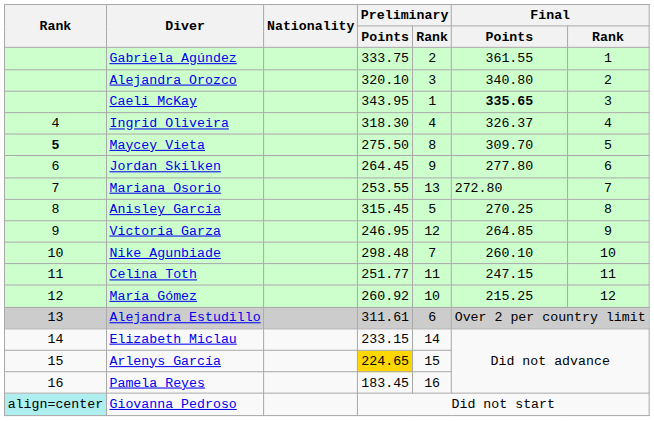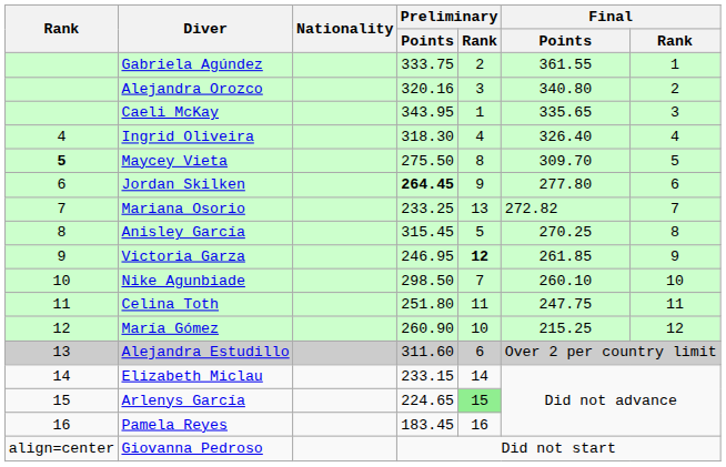 <table class="wikitable sortable" style="font-size:100%">
 <tr>
 <th rowspan="2">Rank</th>
 <th rowspan="2">Diver</th>
 <th rowspan="2">Nationality</th>
 <th colspan="2">Preliminary</th>
 <th colspan="2">Final</th>
 </tr>
 <tr>
 <th>Points</th>
 <th>Rank</th>
 <th>Points</th>
 <th>Rank</th>
 </tr>
 <tr bgcolor=ccffcc>
 <td align=center></td>
 <td><a href='#'>Gabriela Agúndez</a></td>
 <td></td>
 <td align=center>333.75</td>
 <td align=center>2</td>
 <td align=center>361.55</td>
 <td align=center>1</td>
 </tr>
 <tr bgcolor=ccffcc>
 <td align=center></td>
 <td><a href='#'>Alejandra Orozco</a></td>
 <td></td>
-<td align=center>320.10</td>
+<td align=center>320.16</td>
 <td align=center>3</td>
 <td align=center>340.80</td>
 <td align=center>2</td>
 </tr>
 <tr bgcolor=ccffcc>
 <td align=center></td>
 <td><a href='#'>Caeli McKay</a></td>
 <td></td>
 <td align=center>343.95</td>
 <td align=center>1</td>
-<td align=center><strong>335.65</strong></td>
+<td align=center>335.65</td>
 <td align=center>3</td>
 </tr>
 <tr bgcolor=ccffcc>
 <td align=center>4</td>
 <td><a href='#'>Ingrid Oliveira</a></td>
 <td></td>
 <td align=center>318.30</td>
 <td align=center>4</td>
-<td align=center>326.37</td>
+<td align=center>326.40</td>
 <td align=center>4</td>
 </tr>
 <tr bgcolor=ccffcc>
 <td align=center><strong>5</strong></td>
 <td><a href='#'>Maycey Vieta</a></td>
 <td></td>
 <td align=center>275.50</td>
 <td align=center>8</td>
 <td align=center>309.70</td>
 <td align=center>5</td>
 </tr>
 <tr bgcolor=ccffcc>
 <td align=center>6</td>
 <td><a href='#'>Jordan Skilken</a></td>
 <td></td>
-<td align=center>264.45</td>
+<td align=center><strong>264.45</strong></td>
 <td align=center>9</td>
 <td align=center>277.80</td>
 <td align=center>6</td>
 </tr>
 <tr bgcolor=ccffcc>
 <td align=center>7</td>
 <td><a href='#'>Mariana Osorio</a></td>
 <td></td>
-<td align=center>253.55</td>
+<td align=center>233.25</td>
 <td align=center>13</td>
-<td>272.80</td>
+<td>272.82</td>
 <td align="center">7</td>
 </tr>
 <tr bgcolor=ccffcc>
 <td align=center>8</td>
 <td><a href='#'>Anisley García</a></td>
 <td></td>
 <td align=center>315.45</td>
 <td align=center>5</td>
 <td align=center>270.25</td>
 <td align=center>8</td>
 </tr>
 <tr bgcolor=ccffcc>
 <td align=center>9</td>
 <td><a href='#'>Victoria Garza</a></td>
 <td></td>
 <td align=center>246.95</td>
-<td align=center>12</td>
-<td align=center>264.85</td>
+<td align=center><strong>12</strong></td>
+<td align=center>261.85</td>
 <td align=center>9</td>
 </tr>
 <tr bgcolor=ccffcc>
 <td align=center>10</td>
 <td><a href='#'>Nike Agunbiade</a></td>
 <td></td>
-<td align=center>298.48</td>
+<td align=center>298.50</td>
 <td align=center>7</td>
 <td align=center>260.10</td>
 <td align=center>10</td>
 </tr>
 <tr bgcolor=ccffcc>
 <td align=center>11</td>
 <td><a href='#'>Celina Toth</a></td>
 <td></td>
-<td align=center>251.77</td>
+<td align=center>251.80</td>
 <td align=center>11</td>
-<td align=center>247.15</td>
+<td align=center>247.75</td>
 <td align=center>11</td>
 </tr>
 <tr bgcolor=ccffcc>
 <td align=center>12</td>
 <td><a href='#'>María Gómez</a></td>
 <td></td>
-<td align=center>260.92</td>
+<td align=center>260.90</td>
 <td align=center>10</td>
 <td align=center>215.25</td>
 <td align=center>12</td>
 </tr>
 <tr bgcolor=cccccc>
 <td align=center>13</td>
 <td><a href='#'>Alejandra Estudillo</a></td>
 <td></td>
-<td align=center>311.61</td>
+<td align=center>311.60</td>
 <td align=center>6</td>
 <td align=center colspan=2>Over 2 per country limit</td>
 </tr>
 <tr>
 <td align=center>14</td>
 <td><a href='#'>Elizabeth Miclau</a></td>
 <td></td>
 <td align=center>233.15</td>
 <td align=center>14</td>
 <td align=center colspan=2 rowspan=3>Did not advance</td>
 </tr>
 <tr>
 <td align=center>15</td>
 <td><a href='#'>Arlenys García</a></td>
 <td></td>
-<td align=center style="background: gold;">224.65</td>
-<td align=center>15</td>
+<td align=center>224.65</td>
+<td align=center style="background: lightgreen;">15</td>
 </tr>
 <tr>
 <td align=center>16</td>
 <td><a href='#'>Pamela Reyes</a></td>
 <td></td>
 <td align=center>183.45</td>
 <td align=center>16</td>
 </tr>
 <tr>
-<td style="background: paleturquoise;">align=center </td>
+<td>align=center </td>
 <td><a href='#'>Giovanna Pedroso</a></td>
 <td></td>
 <td align=center colspan=4>Did not start</td>
 </tr>
 </table>
